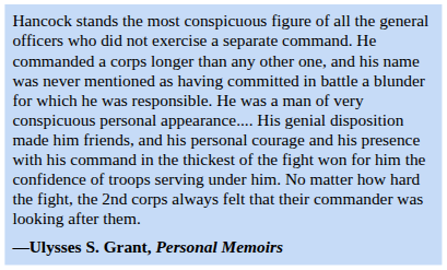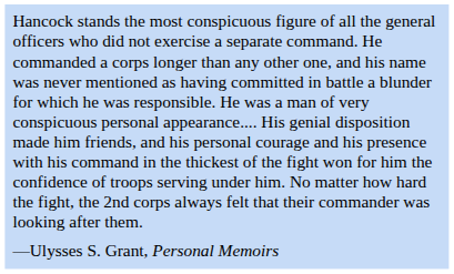 <table class="toccolours" style="float: right; margin-left: 1em; margin-right: 2em; font-size: 85%; background:#c6dbf7; color:black; width:30em; max-width: 40%;" cellspacing="5">
 <tr>
 <td style="text-align: left;">Hancock stands the most conspicuous figure of all the general officers who did not exercise a separate command. He commanded a corps longer than any other one, and his name was never mentioned as having committed in battle a blunder for which he was responsible. He was a man of very conspicuous personal appearance.... His genial disposition made him friends, and his personal courage and his presence with his command in the thickest of the fight won for him the confidence of troops serving under him. No matter how hard the fight, the 2nd corps always felt that their commander was looking after them.</td>
 </tr>
 <tr>
-<td style="text-align: left;"><strong>—Ulysses S. Grant, <em>Personal Memoirs</em></strong></td>
+<td style="text-align: left;">—Ulysses S. Grant, <em>Personal Memoirs</em></td>
 </tr>
 </table>
